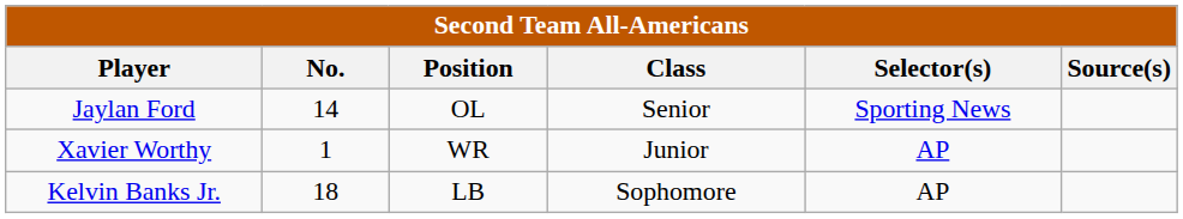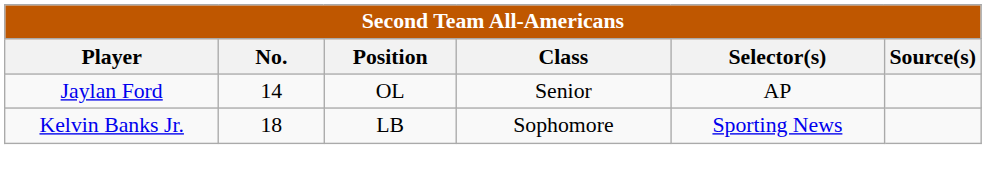 <table class="wikitable" style="text-align:center">
 <tr>
 <td colspan="6" style= "background: #BF5700; color:white"><strong>Second Team All-Americans</strong></td>
 </tr>
 <tr>
 <th style="width:150px; ">Player</th>
 <th style="width:70px; ">No.</th>
 <th style="width:90px; ">Position</th>
 <th style="width:150px; ">Class</th>
 <th style="width:150px; ">Selector(s)</th>
 <th style="width:10px; ">Source(s)</th>
 </tr>
 <tr>
 <td><a href='#'>Jaylan Ford</a></td>
 <td>14</td>
 <td>OL</td>
 <td>Senior</td>
-<td><a href='#'>Sporting News</a></td>
-<td></td>
-</tr>
-<tr>
-<td><a href='#'>Xavier Worthy</a></td>
-<td>1</td>
-<td>WR</td>
-<td>Junior</td>
-<td><a href='#'>AP</a></td>
+<td>AP</td>
 <td></td>
 </tr>
 <tr>
 <td><a href='#'>Kelvin Banks Jr.</a></td>
 <td>18</td>
 <td>LB</td>
 <td>Sophomore</td>
-<td>AP</td>
+<td><a href='#'>Sporting News</a></td>
 <td></td>
 </tr>
 </table>
